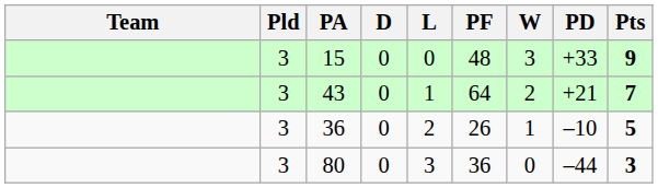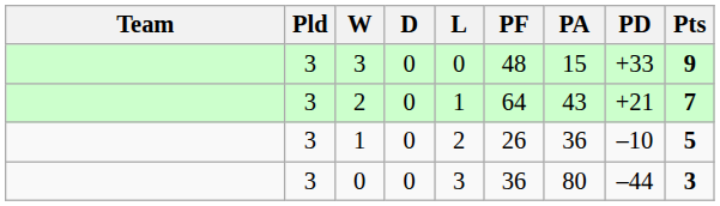 <table class="wikitable" style="text-align:center;">
 <tr>
 <th width=175>Team</th>
 <th width=25 abbr="Played">Pld</th>
-<th width=32 abbr="Points against">PA</th>
+<th width=25 abbr="Won">W</th>
 <th width=25 abbr="Drawn">D</th>
 <th width=25 abbr="Lost">L</th>
 <th width=32 abbr="Points for">PF</th>
-<th width=25 abbr="Won">W</th>
+<th width=32 abbr="Points against">PA</th>
 <th width=32 abbr="Points difference">PD</th>
 <th width=25 abbr="Points">Pts</th>
 </tr>
 <tr bgcolor=ccffcc>
 <td align=left></td>
 <td>3</td>
-<td>15</td>
+<td>3</td>
 <td>0</td>
 <td>0</td>
 <td>48</td>
-<td>3</td>
+<td>15</td>
 <td>+33</td>
 <td><strong>9</strong></td>
 </tr>
 <tr bgcolor=ccffcc>
 <td align=left></td>
 <td>3</td>
-<td>43</td>
+<td>2</td>
 <td>0</td>
 <td>1</td>
 <td>64</td>
-<td>2</td>
+<td>43</td>
 <td>+21</td>
 <td><strong>7</strong></td>
 </tr>
 <tr>
 <td align=left></td>
 <td>3</td>
-<td>36</td>
+<td>1</td>
 <td>0</td>
 <td>2</td>
 <td>26</td>
-<td>1</td>
+<td>36</td>
 <td>–10</td>
 <td><strong>5</strong></td>
 </tr>
 <tr>
 <td align=left></td>
 <td>3</td>
-<td>80</td>
+<td>0</td>
 <td>0</td>
 <td>3</td>
 <td>36</td>
-<td>0</td>
+<td>80</td>
 <td>–44</td>
 <td><strong>3</strong></td>
 </tr>
 </table>
